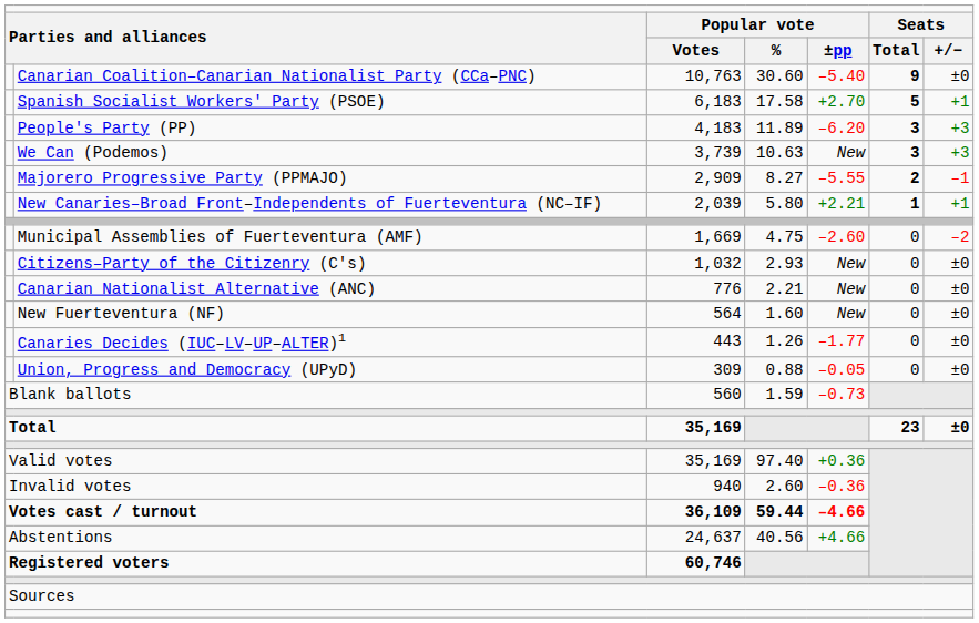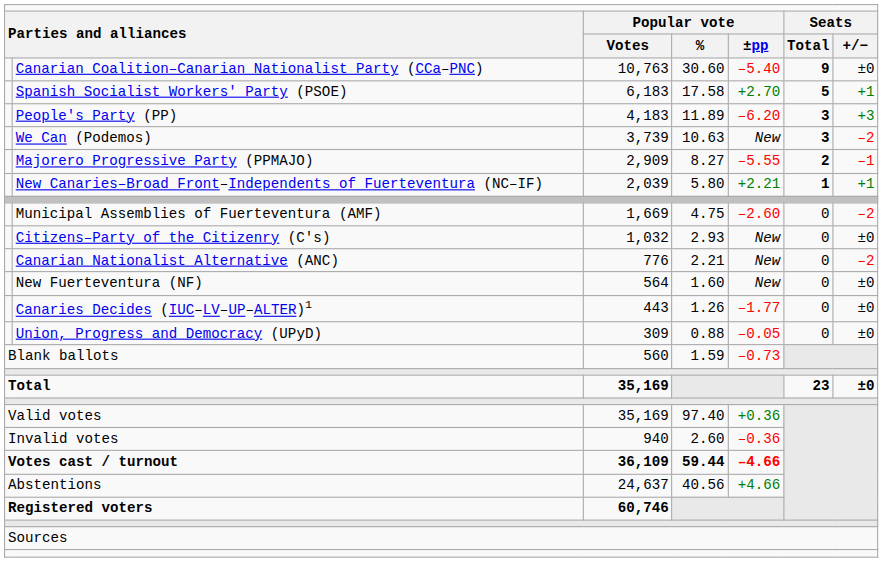 <table class="wikitable" style="text-align:right;">
 <tr>
 <td colspan="7"></td>
 </tr>
 <tr>
 <th style="text-align:left;" rowspan="2" colspan="2" width="525">Parties and alliances</th>
 <th colspan="3">Popular vote</th>
 <th colspan="2">Seats</th>
 </tr>
 <tr>
 <th width="75">Votes</th>
 <th width="45">%</th>
 <th width="45">±<a href='#'>pp</a></th>
 <th width="35">Total</th>
 <th width="35">+/−</th>
 </tr>
 <tr>
 <td width="1" style="color:inherit;background:"></td>
 <td align="left"><a href='#'>Canarian Coalition–Canarian Nationalist Party</a> (<a href='#'>CCa</a>–<a href='#'>PNC</a>)</td>
 <td>10,763</td>
 <td>30.60</td>
 <td style="color:red;">–5.40</td>
 <td><strong>9</strong></td>
 <td>±0</td>
 </tr>
 <tr>
 <td style="color:inherit;background:"></td>
 <td align="left"><a href='#'>Spanish Socialist Workers' Party</a> (PSOE)</td>
 <td>6,183</td>
 <td>17.58</td>
 <td style="color:green;">+2.70</td>
 <td><strong>5</strong></td>
 <td style="color:green;">+1</td>
 </tr>
 <tr>
 <td style="color:inherit;background:"></td>
 <td align="left"><a href='#'>People's Party</a> (PP)</td>
 <td>4,183</td>
 <td>11.89</td>
 <td style="color:red;">–6.20</td>
 <td><strong>3</strong></td>
 <td style="color:green;">+3</td>
 </tr>
 <tr>
 <td style="color:inherit;background:"></td>
 <td align="left"><a href='#'>We Can</a> (Podemos)</td>
 <td>3,739</td>
 <td>10.63</td>
 <td><em>New</em></td>
 <td><strong>3</strong></td>
-<td style="color:green;">+3</td>
+<td style="color:red;">–2</td>
 </tr>
 <tr>
 <td style="color:inherit;background:"></td>
 <td align="left"><a href='#'>Majorero Progressive Party</a> (PPMAJO)</td>
 <td>2,909</td>
 <td>8.27</td>
 <td style="color:red;">–5.55</td>
 <td><strong>2</strong></td>
 <td style="color:red;">–1</td>
 </tr>
 <tr>
 <td style="color:inherit;background:"></td>
 <td align="left"><a href='#'>New Canaries–Broad Front</a>–<a href='#'>Independents of Fuerteventura</a> (NC–IF)</td>
 <td>2,039</td>
 <td>5.80</td>
 <td style="color:green;">+2.21</td>
 <td><strong>1</strong></td>
 <td style="color:green;">+1</td>
 </tr>
 <tr>
 <td colspan="7" bgcolor="#C0C0C0"></td>
 </tr>
 <tr>
 <td style="color:inherit;background:"></td>
 <td align="left">Municipal Assemblies of Fuerteventura (AMF)</td>
 <td>1,669</td>
 <td>4.75</td>
 <td style="color:red;">–2.60</td>
 <td>0</td>
 <td style="color:red;">–2</td>
 </tr>
 <tr>
 <td style="color:inherit;background:"></td>
 <td align="left"><a href='#'>Citizens–Party of the Citizenry</a> (C's)</td>
 <td>1,032</td>
 <td>2.93</td>
 <td><em>New</em></td>
 <td>0</td>
 <td>±0</td>
 </tr>
 <tr>
 <td style="color:inherit;background:"></td>
 <td align="left"><a href='#'>Canarian Nationalist Alternative</a> (ANC)</td>
 <td>776</td>
 <td>2.21</td>
 <td><em>New</em></td>
 <td>0</td>
-<td>±0</td>
+<td style="color:red;">–2</td>
 </tr>
 <tr>
 <td style="color:inherit;background:"></td>
 <td align="left">New Fuerteventura (NF)</td>
 <td>564</td>
 <td>1.60</td>
 <td><em>New</em></td>
 <td>0</td>
 <td>±0</td>
 </tr>
 <tr>
 <td style="color:inherit;background:"></td>
 <td align="left"><a href='#'>Canaries Decides</a> (<a href='#'>IUC</a>–<a href='#'>LV</a>–<a href='#'>UP</a>–<a href='#'>ALTER</a>)<sup>1</sup></td>
 <td>443</td>
 <td>1.26</td>
 <td style="color:red;">–1.77</td>
 <td>0</td>
 <td>±0</td>
 </tr>
 <tr>
 <td style="color:inherit;background:"></td>
 <td align="left"><a href='#'>Union, Progress and Democracy</a> (UPyD)</td>
 <td>309</td>
 <td>0.88</td>
 <td style="color:red;">–0.05</td>
 <td>0</td>
 <td>±0</td>
 </tr>
 <tr>
 <td align="left" colspan="2">Blank ballots</td>
 <td>560</td>
 <td>1.59</td>
 <td style="color:red;">–0.73</td>
 <td bgcolor="#E9E9E9" colspan="2"></td>
 </tr>
 <tr>
 <td colspan="7" bgcolor="#E9E9E9"></td>
 </tr>
 <tr style="font-weight:bold;">
 <td align="left" colspan="2">Total</td>
 <td>35,169</td>
 <td bgcolor="#E9E9E9" colspan="2"></td>
 <td>23</td>
 <td>±0</td>
 </tr>
 <tr>
 <td colspan="7" bgcolor="#E9E9E9"></td>
 </tr>
 <tr>
 <td align="left" colspan="2">Valid votes</td>
 <td>35,169</td>
 <td>97.40</td>
 <td style="color:green;">+0.36</td>
 <td bgcolor="#E9E9E9" colspan="2" rowspan="5"></td>
 </tr>
 <tr>
 <td align="left" colspan="2">Invalid votes</td>
 <td>940</td>
 <td>2.60</td>
 <td style="color:red;">–0.36</td>
 </tr>
 <tr style="font-weight:bold;">
 <td align="left" colspan="2">Votes cast / turnout</td>
 <td>36,109</td>
 <td>59.44</td>
 <td style="color:red;">–4.66</td>
 </tr>
 <tr>
 <td align="left" colspan="2">Abstentions</td>
 <td>24,637</td>
 <td>40.56</td>
 <td style="color:green;">+4.66</td>
 </tr>
 <tr style="font-weight:bold;">
 <td align="left" colspan="2">Registered voters</td>
 <td>60,746</td>
 <td bgcolor="#E9E9E9" colspan="2"></td>
 </tr>
 <tr>
 <td colspan="7" bgcolor="#E9E9E9"></td>
 </tr>
 <tr>
 <td align="left" colspan="7">Sources</td>
 </tr>
 <tr>
 <td colspan="7" style="text-align:left; max-width:790px;"></td>
 </tr>
 </table>
